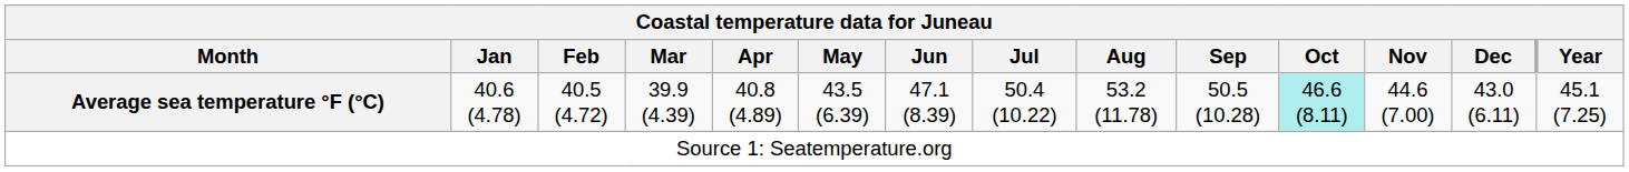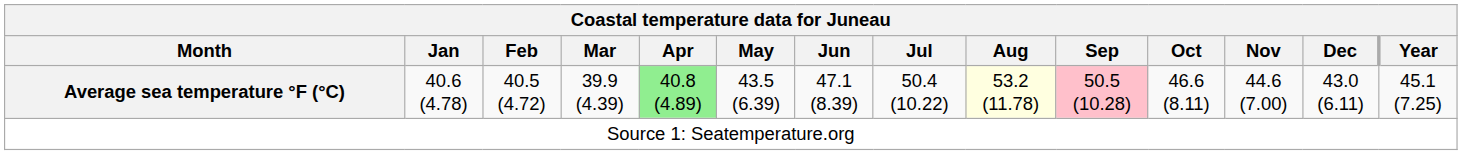 <table style="width:100%;text-align:center;line-height:1.2em;margin-left:auto;margin-right:auto" class="wikitable">
 <tr>
 <th Colspan=14>Coastal temperature data for Juneau</th>
 </tr>
 <tr>
 <th>Month</th>
 <th>Jan</th>
 <th>Feb</th>
 <th>Mar</th>
 <th>Apr</th>
 <th>May</th>
 <th>Jun</th>
 <th>Jul</th>
 <th>Aug</th>
 <th>Sep</th>
 <th>Oct</th>
 <th>Nov</th>
 <th>Dec</th>
 <th style="border-left-width:medium">Year</th>
 </tr>
 <tr>
 <th>Average sea temperature °F (°C)</th>
 <td>40.6<br>(4.78)</td>
 <td>40.5<br>(4.72)</td>
 <td>39.9<br>(4.39)</td>
-<td>40.8<br>(4.89)</td>
+<td style="background: lightgreen;">40.8<br>(4.89)</td>
 <td>43.5<br>(6.39)</td>
 <td>47.1<br>(8.39)</td>
 <td>50.4<br>(10.22)</td>
-<td>53.2<br>(11.78)</td>
-<td>50.5<br>(10.28)</td>
-<td style="background: paleturquoise;">46.6<br>(8.11)</td>
+<td style="background: lightyellow;">53.2<br>(11.78)</td>
+<td style="background: pink;">50.5<br>(10.28)</td>
+<td>46.6<br>(8.11)</td>
 <td>44.6<br>(7.00)</td>
 <td>43.0<br>(6.11)</td>
 <td>45.1<br>(7.25)</td>
 </tr>
 <tr>
 <th Colspan=14 style="background:#ffffff;font-weight:normal;font-size:100%;">Source 1: Seatemperature.org</th>
 </tr>
 </table>
